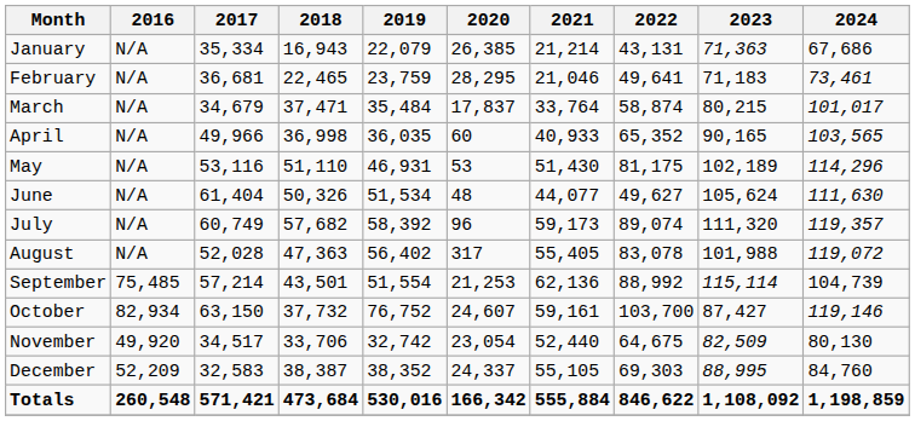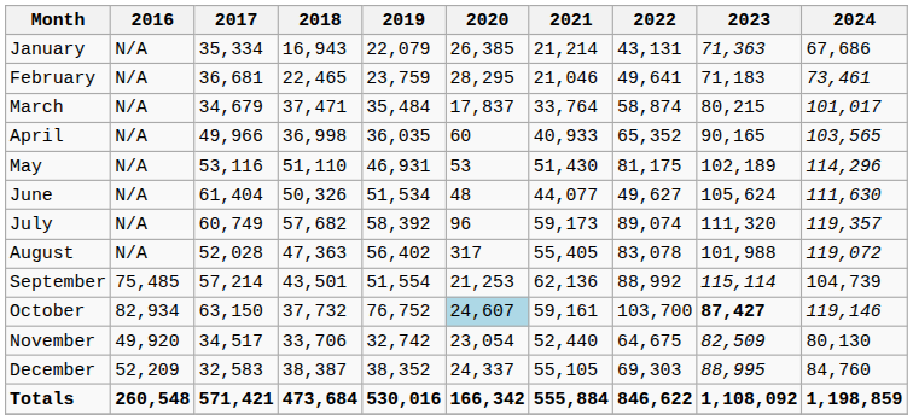 <table class="wikitable">
 <tr>
 <th>Month</th>
 <th>2016</th>
 <th>2017</th>
 <th>2018</th>
 <th>2019</th>
 <th>2020</th>
 <th>2021</th>
 <th>2022</th>
 <th>2023</th>
 <th>2024</th>
 </tr>
 <tr>
 <td>January</td>
 <td>N/A</td>
 <td>35,334</td>
 <td>16,943</td>
 <td>22,079</td>
 <td>26,385</td>
 <td>21,214</td>
 <td>43,131</td>
 <td><em>71,363</em></td>
 <td>67,686</td>
 </tr>
 <tr>
 <td>February</td>
 <td>N/A</td>
 <td>36,681</td>
 <td>22,465</td>
 <td>23,759</td>
 <td>28,295</td>
 <td>21,046</td>
 <td>49,641</td>
 <td>71,183</td>
 <td><em>73,461</em></td>
 </tr>
 <tr>
 <td>March</td>
 <td>N/A</td>
 <td>34,679</td>
 <td>37,471</td>
 <td>35,484</td>
 <td>17,837</td>
 <td>33,764</td>
 <td>58,874</td>
 <td>80,215</td>
 <td><em>101,017</em></td>
 </tr>
 <tr>
 <td>April</td>
 <td>N/A</td>
 <td>49,966</td>
 <td>36,998</td>
 <td>36,035</td>
 <td>60</td>
 <td>40,933</td>
 <td>65,352</td>
 <td>90,165</td>
 <td><em>103,565</em></td>
 </tr>
 <tr>
 <td>May</td>
 <td>N/A</td>
 <td>53,116</td>
 <td>51,110</td>
 <td>46,931</td>
 <td>53</td>
 <td>51,430</td>
 <td>81,175</td>
 <td>102,189</td>
 <td><em>114,296</em></td>
 </tr>
 <tr>
 <td>June</td>
 <td>N/A</td>
 <td>61,404</td>
 <td>50,326</td>
 <td>51,534</td>
 <td>48</td>
 <td>44,077</td>
 <td>49,627</td>
 <td>105,624</td>
 <td><em>111,630</em></td>
 </tr>
 <tr>
 <td>July</td>
 <td>N/A</td>
 <td>60,749</td>
 <td>57,682</td>
 <td>58,392</td>
 <td>96</td>
 <td>59,173</td>
 <td>89,074</td>
 <td>111,320</td>
 <td><em>119,357</em></td>
 </tr>
 <tr>
 <td>August</td>
 <td>N/A</td>
 <td>52,028</td>
 <td>47,363</td>
 <td>56,402</td>
 <td>317</td>
 <td>55,405</td>
 <td>83,078</td>
 <td>101,988</td>
 <td><em>119,072</em></td>
 </tr>
 <tr>
 <td>September</td>
 <td>75,485</td>
 <td>57,214</td>
 <td>43,501</td>
 <td>51,554</td>
 <td>21,253</td>
 <td>62,136</td>
 <td>88,992</td>
 <td><em>115,114</em></td>
 <td>104,739</td>
 </tr>
 <tr>
 <td>October</td>
 <td>82,934</td>
 <td>63,150</td>
 <td>37,732</td>
 <td>76,752</td>
-<td>24,607</td>
+<td style="background: lightblue;">24,607</td>
 <td>59,161</td>
 <td>103,700</td>
-<td>87,427</td>
+<td><strong>87,427</strong></td>
 <td><em>119,146</em></td>
 </tr>
 <tr>
 <td>November</td>
 <td>49,920</td>
 <td>34,517</td>
 <td>33,706</td>
 <td>32,742</td>
 <td>23,054</td>
 <td>52,440</td>
 <td>64,675</td>
 <td><em>82,509</em></td>
 <td>80,130</td>
 </tr>
 <tr>
 <td>December</td>
 <td>52,209</td>
 <td>32,583</td>
 <td>38,387</td>
 <td>38,352</td>
 <td>24,337</td>
 <td>55,105</td>
 <td>69,303</td>
 <td><em>88,995</em></td>
 <td>84,760</td>
 </tr>
 <tr>
 <td><strong>Totals</strong></td>
 <td><strong>260,548</strong></td>
 <td><strong>571,421</strong></td>
 <td><strong>473,684</strong></td>
 <td><strong>530,016</strong></td>
 <td><strong>166,342</strong></td>
 <td><strong>555,884</strong></td>
 <td><strong>846,622</strong></td>
 <td><strong>1,108,092</strong></td>
 <td><strong>1,198,859</strong></td>
 </tr>
 <tr>
 </tr>
 </table>
